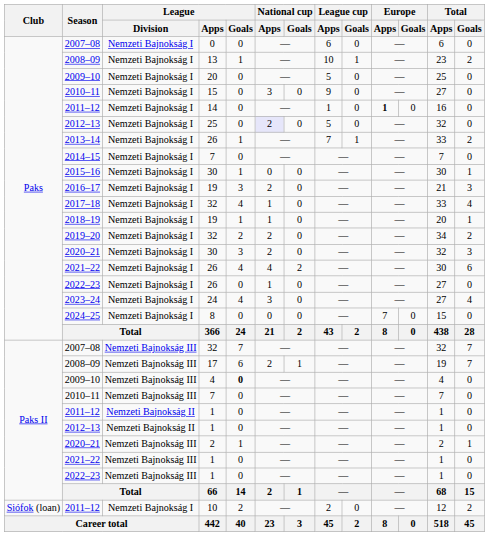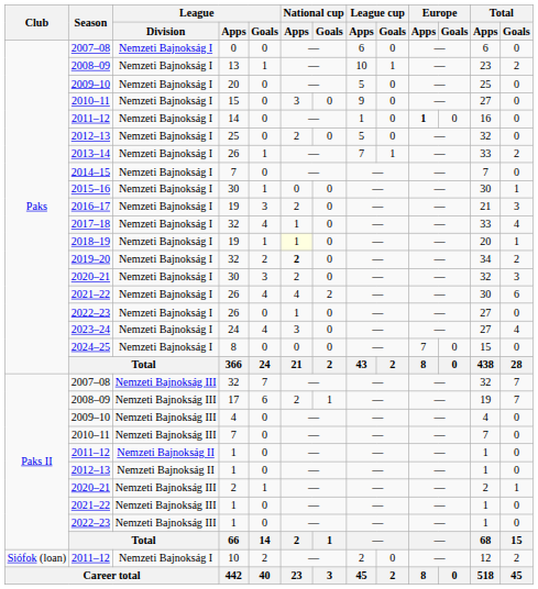 <table class="wikitable" style="text-align: center;">
 <tr>
 <th rowspan="2">Club</th>
 <th rowspan="2">Season</th>
 <th colspan="3">League</th>
 <th colspan="2">National cup</th>
 <th colspan="2">League cup</th>
 <th colspan="2">Europe</th>
 <th colspan="2">Total</th>
 </tr>
 <tr>
 <th>Division</th>
 <th>Apps</th>
 <th>Goals</th>
 <th>Apps</th>
 <th>Goals</th>
 <th>Apps</th>
 <th>Goals</th>
 <th>Apps</th>
 <th>Goals</th>
 <th>Apps</th>
 <th>Goals</th>
 </tr>
 <tr>
 <td rowspan="19"><a href='#'>Paks</a></td>
 <td><a href='#'>2007–08</a></td>
 <td><a href='#'>Nemzeti Bajnokság I</a></td>
 <td>0</td>
 <td>0</td>
 <td colspan="2">—</td>
 <td>6</td>
 <td>0</td>
 <td colspan="2">—</td>
 <td>6</td>
 <td>0</td>
 </tr>
 <tr>
 <td><a href='#'>2008–09</a></td>
 <td>Nemzeti Bajnokság I</td>
 <td>13</td>
 <td>1</td>
 <td colspan="2">—</td>
 <td>10</td>
 <td>1</td>
 <td colspan="2">—</td>
 <td>23</td>
 <td>2</td>
 </tr>
 <tr>
 <td><a href='#'>2009–10</a></td>
 <td>Nemzeti Bajnokság I</td>
 <td>20</td>
 <td>0</td>
 <td colspan="2">—</td>
 <td>5</td>
 <td>0</td>
 <td colspan="2">—</td>
 <td>25</td>
 <td>0</td>
 </tr>
 <tr>
 <td><a href='#'>2010–11</a></td>
 <td>Nemzeti Bajnokság I</td>
 <td>15</td>
 <td>0</td>
 <td>3</td>
 <td>0</td>
 <td>9</td>
 <td>0</td>
 <td colspan="2">—</td>
 <td>27</td>
 <td>0</td>
 </tr>
 <tr>
 <td><a href='#'>2011–12</a></td>
 <td>Nemzeti Bajnokság I</td>
 <td>14</td>
 <td>0</td>
 <td colspan="2">—</td>
 <td>1</td>
 <td>0</td>
 <td><strong>1</strong></td>
 <td>0</td>
 <td>16</td>
 <td>0</td>
 </tr>
 <tr>
 <td><a href='#'>2012–13</a></td>
 <td>Nemzeti Bajnokság I</td>
 <td>25</td>
 <td>0</td>
-<td style="background: lavender;">2</td>
+<td>2</td>
 <td>0</td>
 <td>5</td>
 <td>0</td>
 <td colspan="2">—</td>
 <td>32</td>
 <td>0</td>
 </tr>
 <tr>
 <td><a href='#'>2013–14</a></td>
 <td>Nemzeti Bajnokság I</td>
 <td>26</td>
 <td>1</td>
 <td colspan="2">—</td>
 <td>7</td>
 <td>1</td>
 <td colspan="2">—</td>
 <td>33</td>
 <td>2</td>
 </tr>
 <tr>
 <td><a href='#'>2014–15</a></td>
 <td>Nemzeti Bajnokság I</td>
 <td>7</td>
 <td>0</td>
 <td colspan="2">—</td>
 <td colspan="2">—</td>
 <td colspan="2">—</td>
 <td>7</td>
 <td>0</td>
 </tr>
 <tr>
 <td><a href='#'>2015–16</a></td>
 <td>Nemzeti Bajnokság I</td>
 <td>30</td>
 <td>1</td>
 <td>0</td>
 <td>0</td>
 <td colspan="2">—</td>
 <td colspan="2">—</td>
 <td>30</td>
 <td>1</td>
 </tr>
 <tr>
 <td><a href='#'>2016–17</a></td>
 <td>Nemzeti Bajnokság I</td>
 <td>19</td>
 <td>3</td>
 <td>2</td>
 <td>0</td>
 <td colspan="2">—</td>
 <td colspan="2">—</td>
 <td>21</td>
 <td>3</td>
 </tr>
 <tr>
 <td><a href='#'>2017–18</a></td>
 <td>Nemzeti Bajnokság I</td>
 <td>32</td>
 <td>4</td>
 <td>1</td>
 <td>0</td>
 <td colspan="2">—</td>
 <td colspan="2">—</td>
 <td>33</td>
 <td>4</td>
 </tr>
 <tr>
 <td><a href='#'>2018–19</a></td>
 <td>Nemzeti Bajnokság I</td>
 <td>19</td>
 <td>1</td>
-<td>1</td>
+<td style="background: lightyellow;">1</td>
 <td>0</td>
 <td colspan="2">—</td>
 <td colspan="2">—</td>
 <td>20</td>
 <td>1</td>
 </tr>
 <tr>
 <td><a href='#'>2019–20</a></td>
 <td>Nemzeti Bajnokság I</td>
 <td>32</td>
 <td>2</td>
-<td>2</td>
+<td><strong>2</strong></td>
 <td>0</td>
 <td colspan="2">—</td>
 <td colspan="2">—</td>
 <td>34</td>
 <td>2</td>
 </tr>
 <tr>
 <td><a href='#'>2020–21</a></td>
 <td>Nemzeti Bajnokság I</td>
 <td>30</td>
 <td>3</td>
 <td>2</td>
 <td>0</td>
 <td colspan="2">—</td>
 <td colspan="2">—</td>
 <td>32</td>
 <td>3</td>
 </tr>
 <tr>
 <td><a href='#'>2021–22</a></td>
 <td>Nemzeti Bajnokság I</td>
 <td>26</td>
 <td>4</td>
 <td>4</td>
 <td>2</td>
 <td colspan="2">—</td>
 <td colspan="2">—</td>
 <td>30</td>
 <td>6</td>
 </tr>
 <tr>
 <td><a href='#'>2022–23</a></td>
 <td>Nemzeti Bajnokság I</td>
 <td>26</td>
 <td>0</td>
 <td>1</td>
 <td>0</td>
 <td colspan="2">—</td>
 <td colspan="2">—</td>
 <td>27</td>
 <td>0</td>
 </tr>
 <tr>
 <td><a href='#'>2023–24</a></td>
 <td>Nemzeti Bajnokság I</td>
 <td>24</td>
 <td>4</td>
 <td>3</td>
 <td>0</td>
 <td colspan="2">—</td>
 <td colspan="2">—</td>
 <td>27</td>
 <td>4</td>
 </tr>
 <tr>
 <td><a href='#'>2024–25</a></td>
 <td>Nemzeti Bajnokság I</td>
 <td>8</td>
 <td>0</td>
 <td>0</td>
 <td>0</td>
 <td colspan="2">—</td>
 <td>7</td>
 <td>0</td>
 <td>15</td>
 <td>0</td>
 </tr>
 <tr>
 <th colspan="2">Total</th>
 <th>366</th>
 <th>24</th>
 <th>21</th>
 <th>2</th>
 <th>43</th>
 <th>2</th>
 <th>8</th>
 <th>0</th>
 <th>438</th>
 <th>28</th>
 </tr>
 <tr>
 <td rowspan="10"><a href='#'>Paks II</a></td>
 <td>2007–08</td>
 <td><a href='#'>Nemzeti Bajnokság III</a></td>
 <td>32</td>
 <td>7</td>
 <td colspan="2">—</td>
 <td colspan="2">—</td>
 <td colspan="2">—</td>
 <td>32</td>
 <td>7</td>
 </tr>
 <tr>
 <td>2008–09</td>
 <td>Nemzeti Bajnokság III</td>
 <td>17</td>
 <td>6</td>
 <td>2</td>
 <td>1</td>
 <td colspan="2">—</td>
 <td colspan="2">—</td>
 <td>19</td>
 <td>7</td>
 </tr>
 <tr>
 <td>2009–10</td>
 <td>Nemzeti Bajnokság III</td>
 <td>4</td>
-<td><strong>0</strong></td>
+<td>0</td>
 <td colspan="2">—</td>
 <td colspan="2">—</td>
 <td colspan="2">—</td>
 <td>4</td>
 <td>0</td>
 </tr>
 <tr>
 <td>2010–11</td>
 <td>Nemzeti Bajnokság III</td>
 <td>7</td>
 <td>0</td>
 <td colspan="2">—</td>
 <td colspan="2">—</td>
 <td colspan="2">—</td>
 <td>7</td>
 <td>0</td>
 </tr>
 <tr>
 <td><a href='#'>2011–12</a></td>
 <td><a href='#'>Nemzeti Bajnokság II</a></td>
 <td>1</td>
 <td>0</td>
 <td colspan="2">—</td>
 <td colspan="2">—</td>
 <td colspan="2">—</td>
 <td>1</td>
 <td>0</td>
 </tr>
 <tr>
 <td><a href='#'>2012–13</a></td>
 <td>Nemzeti Bajnokság II</td>
 <td>1</td>
 <td>0</td>
 <td colspan="2">—</td>
 <td colspan="2">—</td>
 <td colspan="2">—</td>
 <td>1</td>
 <td>0</td>
 </tr>
 <tr>
 <td><a href='#'>2020–21</a></td>
 <td>Nemzeti Bajnokság III</td>
 <td>2</td>
 <td>1</td>
 <td colspan="2">—</td>
 <td colspan="2">—</td>
 <td colspan="2">—</td>
 <td>2</td>
 <td>1</td>
 </tr>
 <tr>
 <td><a href='#'>2021–22</a></td>
 <td>Nemzeti Bajnokság III</td>
 <td>1</td>
 <td>0</td>
 <td colspan="2">—</td>
 <td colspan="2">—</td>
 <td colspan="2">—</td>
 <td>1</td>
 <td>0</td>
 </tr>
 <tr>
 <td><a href='#'>2022–23</a></td>
 <td>Nemzeti Bajnokság III</td>
 <td>1</td>
 <td>0</td>
 <td colspan="2">—</td>
 <td colspan="2">—</td>
 <td colspan="2">—</td>
 <td>1</td>
 <td>0</td>
 </tr>
 <tr>
 <th colspan="2">Total</th>
 <th>66</th>
 <th>14</th>
 <th>2</th>
 <th>1</th>
 <th colspan="2">—</th>
 <th colspan="2">—</th>
 <th>68</th>
 <th>15</th>
 </tr>
 <tr>
 <td><a href='#'>Siófok</a> (loan)</td>
 <td><a href='#'>2011–12</a></td>
 <td>Nemzeti Bajnokság I</td>
 <td>10</td>
 <td>2</td>
 <td colspan="2">—</td>
 <td>2</td>
 <td>0</td>
 <td colspan="2">—</td>
 <td>12</td>
 <td>2</td>
 </tr>
 <tr>
 <th colspan="3">Career total</th>
 <th>442</th>
 <th>40</th>
 <th>23</th>
 <th>3</th>
 <th>45</th>
 <th>2</th>
 <th>8</th>
 <th>0</th>
 <th>518</th>
 <th>45</th>
 </tr>
 </table>
